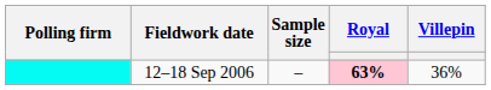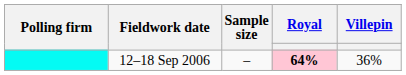 <table class="wikitable sortable" style="text-align:center;font-size:90%;line-height:14px;">
 <tr style="height:40px;">
 <th style="width:100px;" rowspan="2">Polling firm</th>
 <th style="width:110px;" rowspan="2">Fieldwork date</th>
 <th style="width:35px;" rowspan="2">Sample<br>size</th>
 <th class="unsortable" style="width:60px;"><a href='#'>Royal</a><br></th>
 <th class="unsortable" style="width:60px;"><a href='#'>Villepin</a><br></th>
 </tr>
 <tr>
 <th style="background:"></th>
 <th style="background:"></th>
 </tr>
 <tr>
 <td style="background:#04FBF4;"></td>
 <td data-sort-value="2006-09-18">12–18 Sep 2006</td>
 <td>–</td>
-<td style="background:#FFC6D5;"><strong>63%</strong></td>
+<td style="background:#FFC6D5;"><strong>64%</strong></td>
 <td>36%</td>
 </tr>
 </table>
